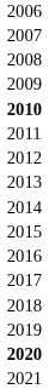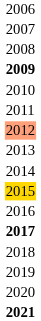 <table>
 <tr>
 <td>2006<br></td>
 <td></td>
 <td></td>
 <td></td>
 </tr>
 <tr>
 <td>2007<br></td>
 <td></td>
 <td></td>
 <td></td>
 </tr>
 <tr>
 <td>2008<br></td>
 <td></td>
 <td></td>
 <td></td>
 </tr>
 <tr>
-<td>2009<br></td>
+<td><strong>2009<br></strong></td>
 <td></td>
 <td></td>
 <td></td>
 </tr>
 <tr>
-<td><strong>2010<br></strong></td>
+<td>2010<br></td>
 <td></td>
 <td></td>
 <td></td>
 </tr>
 <tr>
 <td>2011<br></td>
 <td></td>
 <td></td>
 <td></td>
 </tr>
 <tr>
-<td>2012<br></td>
+<td style="background: lightsalmon;">2012<br></td>
 <td></td>
 <td></td>
 <td></td>
 </tr>
 <tr>
 <td>2013<br></td>
 <td></td>
 <td></td>
 <td></td>
 </tr>
 <tr>
 <td>2014<br></td>
 <td></td>
 <td></td>
 <td></td>
 <td></td>
 </tr>
 <tr>
-<td>2015<br></td>
+<td style="background: gold;">2015<br></td>
 <td></td>
 <td></td>
 <td></td>
 <td></td>
 </tr>
 <tr>
 <td>2016<br></td>
 <td></td>
 <td></td>
 <td></td>
 <td><br></td>
 </tr>
 <tr>
-<td>2017<br></td>
+<td><strong>2017<br></strong></td>
 <td></td>
 <td></td>
 <td></td>
 <td></td>
 </tr>
 <tr>
 <td>2018<br></td>
 <td></td>
 <td></td>
 <td></td>
 <td></td>
 </tr>
 <tr>
 <td>2019<br></td>
 <td></td>
 <td></td>
 <td></td>
 <td></td>
 </tr>
 <tr>
-<td><strong>2020<br></strong></td>
+<td>2020<br></td>
 <td></td>
 <td></td>
 <td></td>
 <td></td>
 </tr>
 <tr>
-<td>2021<br></td>
+<td><strong>2021<br></strong></td>
 <td></td>
 <td></td>
 <td></td>
 <td></td>
 </tr>
 </table>
